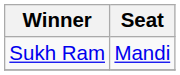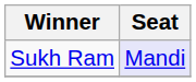 <table class="wikitable sortable">
 <tr>
 <th>Winner</th>
 <th>Seat</th>
 </tr>
 <tr>
 <td><a href='#'>Sukh Ram</a></td>
-<td><a href='#'>Mandi</a></td>
+<td style="background: lavender;"><a href='#'>Mandi</a></td>
 </tr>
 <tr>
 </tr>
 </table>
